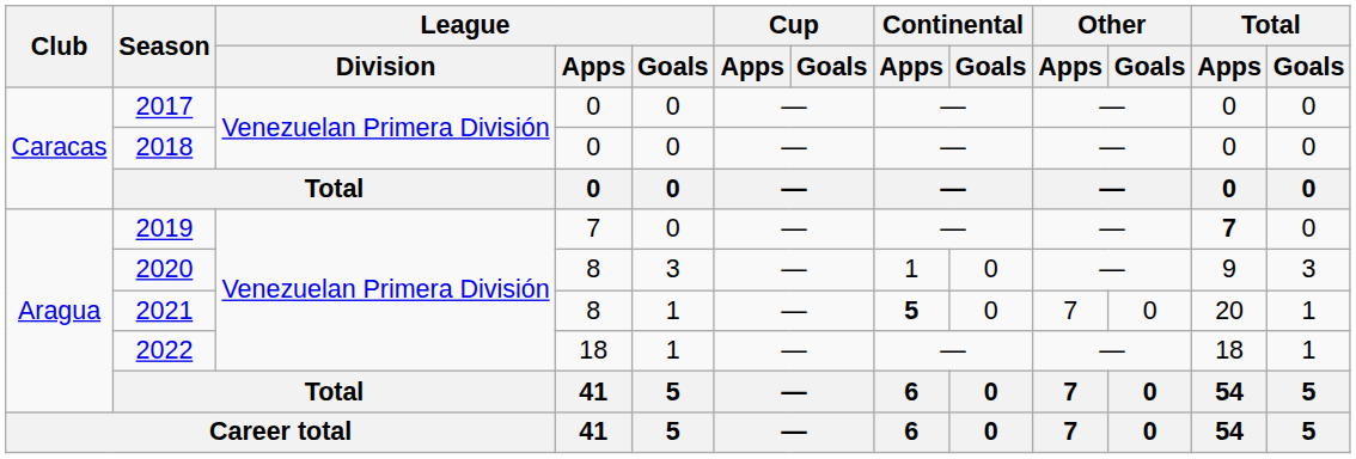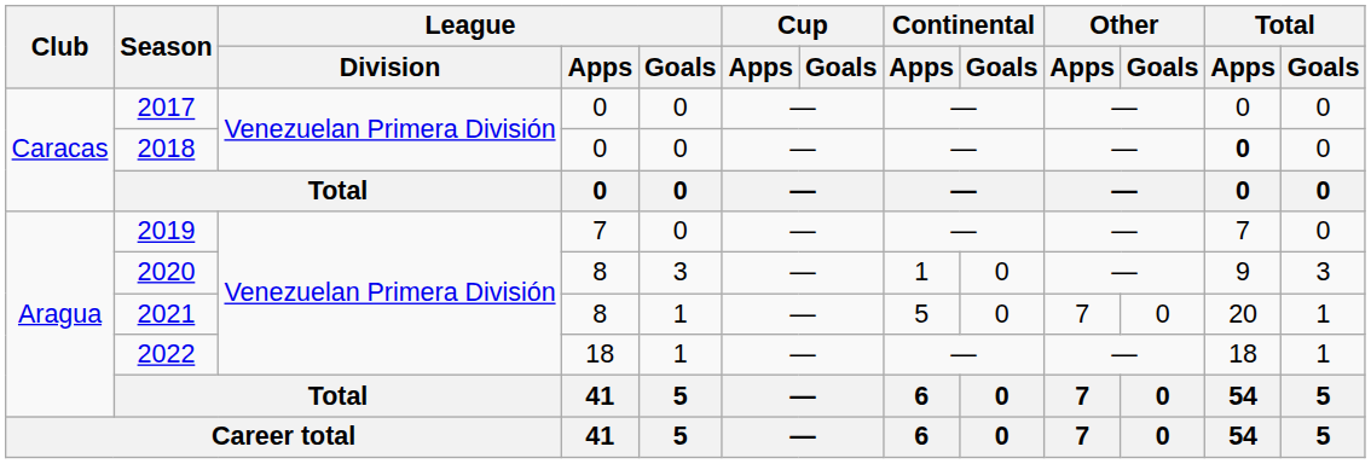 <table class=wikitable style=text-align:center>
 <tr>
 <th rowspan=2>Club</th>
 <th rowspan=2>Season</th>
 <th colspan=3>League</th>
 <th colspan=2>Cup</th>
 <th colspan=2>Continental</th>
 <th colspan=2>Other</th>
 <th colspan=2>Total</th>
 </tr>
 <tr>
 <th>Division</th>
 <th>Apps</th>
 <th>Goals</th>
 <th>Apps</th>
 <th>Goals</th>
 <th>Apps</th>
 <th>Goals</th>
 <th>Apps</th>
 <th>Goals</th>
 <th>Apps</th>
 <th>Goals</th>
 </tr>
 <tr>
 <td rowspan=3><a href='#'>Caracas</a></td>
 <td><a href='#'>2017</a></td>
 <td rowspan=2><a href='#'>Venezuelan Primera División</a></td>
 <td>0</td>
 <td>0</td>
 <td colspan=2>—</td>
 <td colspan=2>—</td>
 <td colspan=2>—</td>
 <td>0</td>
 <td>0</td>
 </tr>
 <tr>
 <td><a href='#'>2018</a></td>
 <td>0</td>
 <td>0</td>
 <td colspan=2>—</td>
 <td colspan=2>—</td>
 <td colspan=2>—</td>
-<td>0</td>
+<td><strong>0</strong></td>
 <td>0</td>
 </tr>
 <tr>
 <th colspan="2">Total</th>
 <th>0</th>
 <th>0</th>
 <th colspan=2>—</th>
 <th colspan=2>—</th>
 <th colspan=2>—</th>
 <th>0</th>
 <th>0</th>
 </tr>
 <tr>
 <td rowspan=5><a href='#'>Aragua</a></td>
 <td><a href='#'>2019</a></td>
 <td rowspan=4><a href='#'>Venezuelan Primera División</a></td>
 <td>7</td>
 <td>0</td>
 <td colspan=2>—</td>
 <td colspan=2>—</td>
 <td colspan=2>—</td>
-<td><strong>7</strong></td>
+<td>7</td>
 <td>0</td>
 </tr>
 <tr>
 <td><a href='#'>2020</a></td>
 <td>8</td>
 <td>3</td>
 <td colspan=2>—</td>
 <td>1</td>
 <td>0</td>
 <td colspan=2>—</td>
 <td>9</td>
 <td>3</td>
 </tr>
 <tr>
 <td><a href='#'>2021</a></td>
 <td>8</td>
 <td>1</td>
 <td colspan=2>—</td>
-<td><strong>5</strong></td>
+<td>5</td>
 <td>0</td>
 <td>7</td>
 <td>0</td>
 <td>20</td>
 <td>1</td>
 </tr>
 <tr>
 <td><a href='#'>2022</a></td>
 <td>18</td>
 <td>1</td>
 <td colspan=2>—</td>
 <td colspan=2>—</td>
 <td colspan=2>—</td>
 <td>18</td>
 <td>1</td>
 </tr>
 <tr>
 <th colspan="2">Total</th>
 <th>41</th>
 <th>5</th>
 <th colspan=2>—</th>
 <th>6</th>
 <th>0</th>
 <th>7</th>
 <th>0</th>
 <th>54</th>
 <th>5</th>
 </tr>
 <tr>
 <th colspan=3>Career total</th>
 <th>41</th>
 <th>5</th>
 <th colspan=2>—</th>
 <th>6</th>
 <th>0</th>
 <th>7</th>
 <th>0</th>
 <th>54</th>
 <th>5</th>
 </tr>
 </table>
